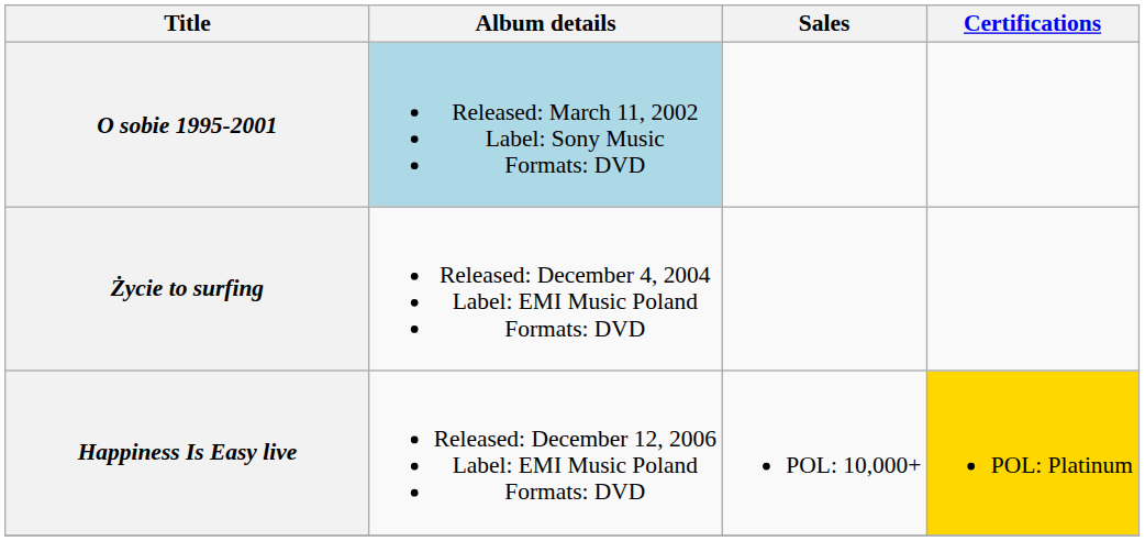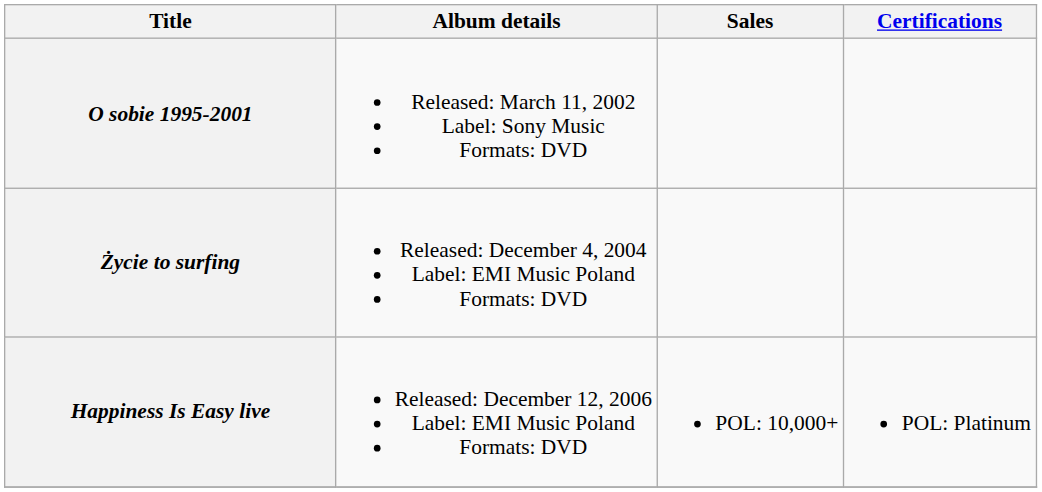 <table class="wikitable plainrowheaders" style="text-align:center;">
 <tr>
 <th scope="col" style="width:15em;">Title</th>
 <th scope="col">Album details</th>
 <th scope="col">Sales</th>
 <th scope="col"><a href='#'>Certifications</a></th>
 </tr>
 <tr>
 <th scope="row"><em>O sobie 1995-2001</em></th>
-<td style="background: lightblue;"><br><ul><li>Released: March 11, 2002</li><li>Label: Sony Music</li><li>Formats: DVD</li></ul></td>
+<td><br><ul><li>Released: March 11, 2002</li><li>Label: Sony Music</li><li>Formats: DVD</li></ul></td>
 <td></td>
 <td></td>
 </tr>
 <tr>
 <th scope="row"><em>Życie to surfing</em></th>
 <td><br><ul><li>Released: December 4, 2004</li><li>Label: EMI Music Poland</li><li>Formats: DVD</li></ul></td>
 <td></td>
 <td></td>
 </tr>
 <tr>
 <th scope="row"><em>Happiness Is Easy live</em></th>
 <td><br><ul><li>Released: December 12, 2006</li><li>Label: EMI Music Poland</li><li>Formats: DVD</li></ul></td>
 <td><br><ul><li>POL: 10,000+</li></ul></td>
-<td style="background: gold;"><br><ul><li>POL: Platinum</li></ul></td>
+<td><br><ul><li>POL: Platinum</li></ul></td>
 </tr>
 <tr>
 </tr>
 </table>
